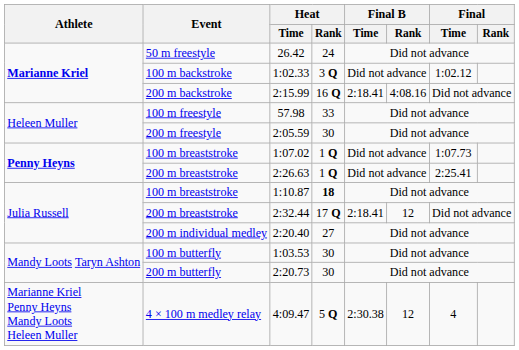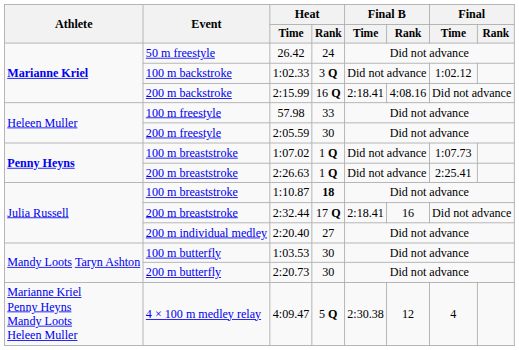 <table class=wikitable style="font-size:90%">
 <tr>
 <th rowspan="2">Athlete</th>
 <th rowspan="2">Event</th>
 <th colspan="2">Heat</th>
 <th colspan="2">Final B</th>
 <th colspan="2">Final</th>
 </tr>
 <tr style="font-size:95%">
 <th>Time</th>
 <th>Rank</th>
 <th>Time</th>
 <th>Rank</th>
 <th>Time</th>
 <th>Rank</th>
 </tr>
 <tr>
 <td rowspan=3><strong><a href='#'>Marianne Kriel</a></strong></td>
 <td><a href='#'>50 m freestyle</a></td>
 <td align=center>26.42</td>
 <td align=center>24</td>
 <td align=center colspan=4>Did not advance</td>
 </tr>
 <tr>
 <td><a href='#'>100 m backstroke</a></td>
 <td align=center>1:02.33</td>
 <td align=center>3 <strong>Q</strong></td>
 <td colspan=2>Did not advance</td>
 <td align=center>1:02.12</td>
 <td align=center></td>
 </tr>
 <tr>
 <td><a href='#'>200 m backstroke</a></td>
 <td align=center>2:15.99</td>
 <td align=center>16 <strong>Q</strong></td>
 <td align=center>2:18.41</td>
 <td align=center>4:08.16</td>
 <td align=center colspan=2>Did not advance</td>
 </tr>
 <tr>
 <td rowspan=2><a href='#'>Heleen Muller</a></td>
 <td><a href='#'>100 m freestyle</a></td>
 <td align=center>57.98</td>
 <td align=center>33</td>
 <td align=center colspan=4>Did not advance</td>
 </tr>
 <tr>
 <td><a href='#'>200 m freestyle</a></td>
 <td align=center>2:05.59</td>
 <td align=center>30</td>
 <td align=center colspan=4>Did not advance</td>
 </tr>
 <tr>
 <td rowspan=2><strong><a href='#'>Penny Heyns</a></strong></td>
 <td><a href='#'>100 m breaststroke</a></td>
 <td align=center>1:07.02</td>
 <td align=center>1 <strong>Q</strong></td>
 <td colspan=2>Did not advance</td>
 <td align=center>1:07.73</td>
 <td align=center></td>
 </tr>
 <tr>
 <td><a href='#'>200 m breaststroke</a></td>
 <td align=center>2:26.63</td>
 <td align=center>1 <strong>Q</strong></td>
 <td colspan=2>Did not advance</td>
 <td align=center>2:25.41</td>
 <td align=center></td>
 </tr>
 <tr>
 <td rowspan=3><a href='#'>Julia Russell</a></td>
 <td><a href='#'>100 m breaststroke</a></td>
 <td align=center>1:10.87</td>
 <td align=center><strong>18</strong></td>
 <td align=center colspan=4>Did not advance</td>
 </tr>
 <tr>
 <td><a href='#'>200 m breaststroke</a></td>
 <td align=center>2:32.44</td>
 <td align=center>17 <strong>Q</strong></td>
 <td align=center>2:18.41</td>
-<td align=center>12</td>
+<td align=center>16</td>
 <td align=center colspan=2>Did not advance</td>
 </tr>
 <tr>
 <td><a href='#'>200 m individual medley</a></td>
 <td align=center>2:20.40</td>
 <td align=center>27</td>
 <td align=center colspan=4>Did not advance</td>
 </tr>
 <tr>
 <td rowspan=2><a href='#'>Mandy Loots</a> <a href='#'>Taryn Ashton</a></td>
 <td><a href='#'>100 m butterfly</a></td>
 <td align=center>1:03.53</td>
 <td align=center>30</td>
 <td align=center colspan=4>Did not advance</td>
 </tr>
 <tr>
 <td><a href='#'>200 m butterfly</a></td>
 <td align=center>2:20.73</td>
 <td align=center>30</td>
 <td align=center colspan=4>Did not advance</td>
 </tr>
 <tr>
 <td><a href='#'>Marianne Kriel</a><br><a href='#'>Penny Heyns</a><br><a href='#'>Mandy Loots</a><br><a href='#'>Heleen Muller</a></td>
 <td><a href='#'>4 × 100 m medley relay</a></td>
 <td align=center>4:09.47</td>
 <td align=center>5 <strong>Q</strong></td>
 <td align=center>2:30.38</td>
 <td align=center>12</td>
 <td align=center>4</td>
 </tr>
 </table>
